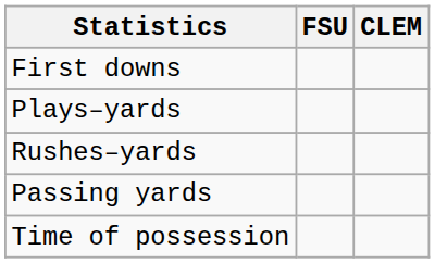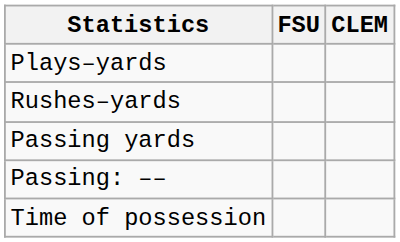 <table class="wikitable" style="float:left">
 <tr>
 <th>Statistics</th>
 <th>FSU</th>
 <th>CLEM</th>
-</tr>
-<tr>
-<td>First downs</td>
-<td></td>
-<td></td>
 </tr>
 <tr>
 <td>Plays–yards</td>
 <td></td>
 <td></td>
 </tr>
 <tr>
 <td>Rushes–yards</td>
 <td></td>
 <td></td>
 </tr>
 <tr>
 <td>Passing yards</td>
 <td></td>
 <td></td>
 </tr>
 <tr>
+<td>Passing: ––</td>
+<td></td>
+<td></td>
+</tr>
+<tr>
 <td>Time of possession</td>
 <td></td>
 <td></td>
 </tr>
 </table>
